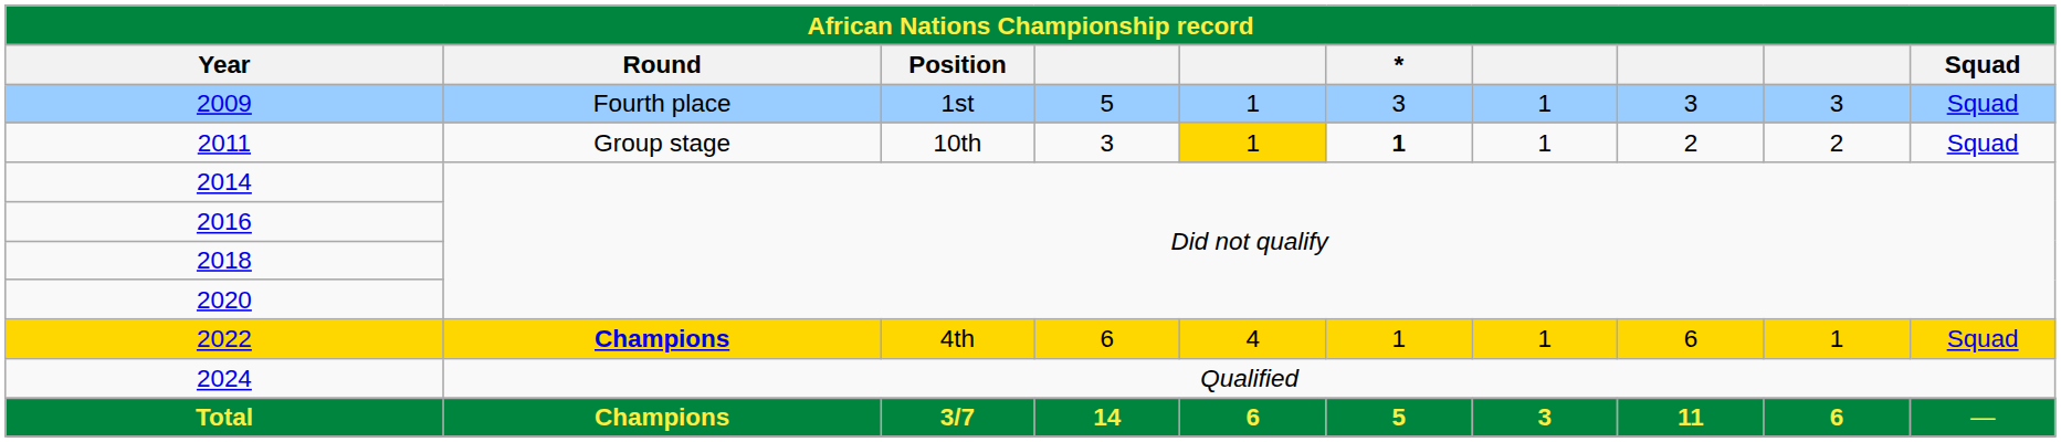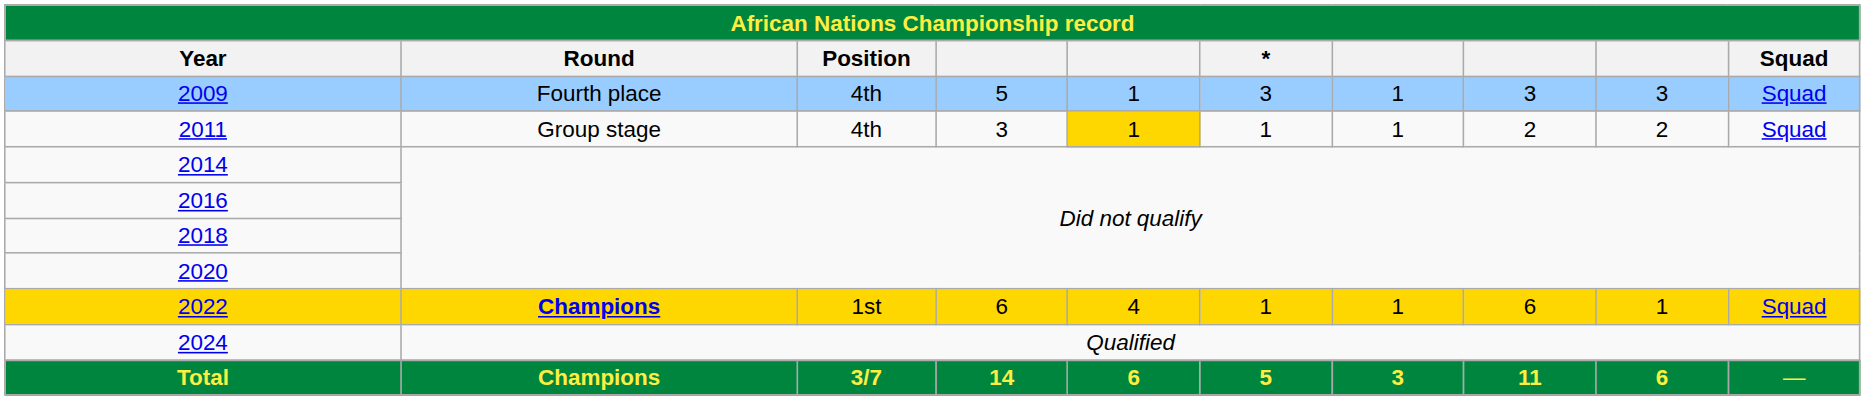 <table class="wikitable" style="font-size:90%; text-align:center;" width="60%">
 <tr>
 <th colspan="10" style="background:#00853F; color:#FDEF42; ">African Nations Championship record</th>
 </tr>
 <tr>
 <th width="15%">Year</th>
 <th width="15%">Round</th>
 <th width="5%">Position</th>
 <th width="5%"></th>
 <th width="5%"></th>
 <th width="5%">*</th>
 <th width="5%"></th>
 <th width="5%"></th>
 <th width="5%"></th>
 <th width="5%">Squad</th>
 </tr>
 <tr bgcolor="#9acdff">
 <td> <a href='#'>2009</a></td>
 <td>Fourth place</td>
-<td>1st</td>
+<td>4th</td>
 <td>5</td>
 <td>1</td>
 <td>3</td>
 <td>1</td>
 <td>3</td>
 <td>3</td>
 <td><a href='#'>Squad</a></td>
 </tr>
 <tr>
 <td> <a href='#'>2011</a></td>
 <td>Group stage</td>
-<td>10th</td>
+<td>4th</td>
 <td>3</td>
 <td style="background: gold;">1</td>
-<td><strong>1</strong></td>
+<td>1</td>
 <td>1</td>
 <td>2</td>
 <td>2</td>
 <td><a href='#'>Squad</a></td>
 </tr>
 <tr>
 <td> <a href='#'>2014</a></td>
 <td colspan="9" rowspan="4"><em>Did not qualify</em></td>
 </tr>
 <tr>
 <td> <a href='#'>2016</a></td>
 </tr>
 <tr>
 <td> <a href='#'>2018</a></td>
 </tr>
 <tr>
 <td> <a href='#'>2020</a></td>
 </tr>
 <tr bgcolor="gold">
 <td> <a href='#'>2022</a></td>
 <td><strong><a href='#'>Champions</a></strong></td>
-<td>4th</td>
+<td>1st</td>
 <td>6</td>
 <td>4</td>
 <td>1</td>
 <td>1</td>
 <td>6</td>
 <td>1</td>
 <td><a href='#'>Squad</a></td>
 </tr>
 <tr>
 <td>   <a href='#'>2024</a></td>
 <td colspan="9"><em> Qualified </em></td>
 </tr>
 <tr>
 <th style="background:#00853F; color:#FDEF42; ">Total</th>
 <th style="background:#00853F; color:#FDEF42; ">Champions</th>
 <th style="background:#00853F; color:#FDEF42; ">3/7</th>
 <th style="background:#00853F; color:#FDEF42; ">14</th>
 <th style="background:#00853F; color:#FDEF42; ">6</th>
 <th style="background:#00853F; color:#FDEF42; ">5</th>
 <th style="background:#00853F; color:#FDEF42; ">3</th>
 <th style="background:#00853F; color:#FDEF42; ">11</th>
 <th style="background:#00853F; color:#FDEF42; ">6</th>
 <td style="background:#00853F; color:#FDEF42; ">—</td>
 </tr>
 </table>
